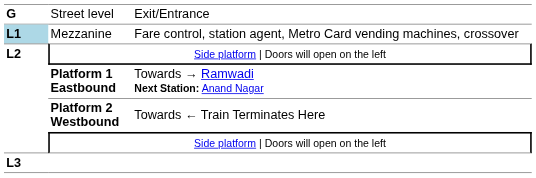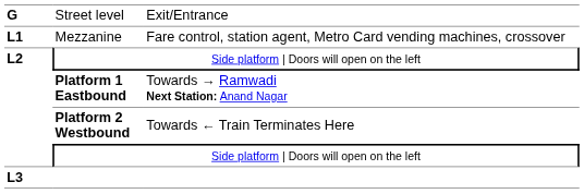 <table table border=0 cellspacing=0 cellpadding=3>
 <tr>
 <td style="border-bottom:solid 1px grey;border-top:solid 1px grey;" width=50 valign=top><strong>G</strong></td>
 <td style="border-top:solid 1px grey;border-bottom:solid 1px grey;" width=100 valign=top>Street level</td>
 <td style="border-top:solid 1px grey;border-bottom:solid 1px grey;" width=500 valign=top>Exit/Entrance</td>
 </tr>
 <tr>
-<td valign=top style="background: lightblue;"><strong>L1</strong></td>
+<td valign=top><strong>L1</strong></td>
 <td valign=top>Mezzanine</td>
 <td valign=top>Fare control, station agent, Metro Card vending machines, crossover<br></td>
 </tr>
 <tr>
 <td style="border-top:solid 1px grey;border-bottom:solid 1px grey;" width=50 rowspan=4 valign=top><strong>L2</strong></td>
 <td style="border-top:solid 1px grey;border-right:solid 2px black;border-left:solid 2px black;border-bottom:solid 2px black;text-align:center;" colspan=2><small><a href='#'>Side platform</a> | Doors will open on the left </small></td>
 </tr>
 <tr>
 <td style="border-bottom:solid 1px grey;" width=100><span><strong>Platform 1</strong><br><strong>Eastbound</strong></span></td>
 <td style="border-bottom:solid 1px grey;" width=500>Towards → <a href='#'>Ramwadi</a><br><small><strong>Next Station:</strong> <a href='#'>Anand Nagar</a></small></td>
 </tr>
 <tr>
 <td><span><strong>Platform 2</strong><br><strong>Westbound</strong></span></td>
 <td>Towards ← Train Terminates Here</td>
 </tr>
 <tr>
 <td style="border-top:solid 2px black;border-right:solid 2px black;border-left:solid 2px black;border-bottom:solid 1px grey;" colspan=2  align=center><small><a href='#'>Side platform</a> | Doors will open on the left </small></td>
 </tr>
 <tr>
 <td style="border-bottom:solid 1px grey;" width=50 rowspan=2 valign=top><strong>L3</strong></td>
 <td style="border-bottom:solid 1px grey;" width=100></td>
 <td style="border-bottom:solid 1px grey;" width=500></td>
 </tr>
 <tr>
 </tr>
 </table>
